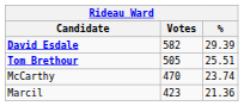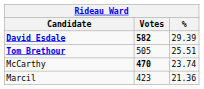 <table class="wikitable">
 <tr>
 <th colspan="3"><a href='#'>Rideau Ward</a></th>
 </tr>
 <tr>
 <th style="width: 200px">Candidate</th>
 <th style="width: 50px">Votes</th>
 <th style="width: 40px">%</th>
 </tr>
 <tr>
 <td><strong><a href='#'>David Esdale</a></strong></td>
-<td>582</td>
+<td><strong>582</strong></td>
 <td>29.39</td>
 </tr>
 <tr>
 <td><strong><a href='#'>Tom Brethour</a></strong></td>
 <td>505</td>
 <td>25.51</td>
 </tr>
 <tr>
 <td>McCarthy</td>
-<td>470</td>
+<td><strong>470</strong></td>
 <td>23.74</td>
 </tr>
 <tr>
 <td>Marcil</td>
 <td>423</td>
 <td>21.36</td>
 </tr>
 </table>
